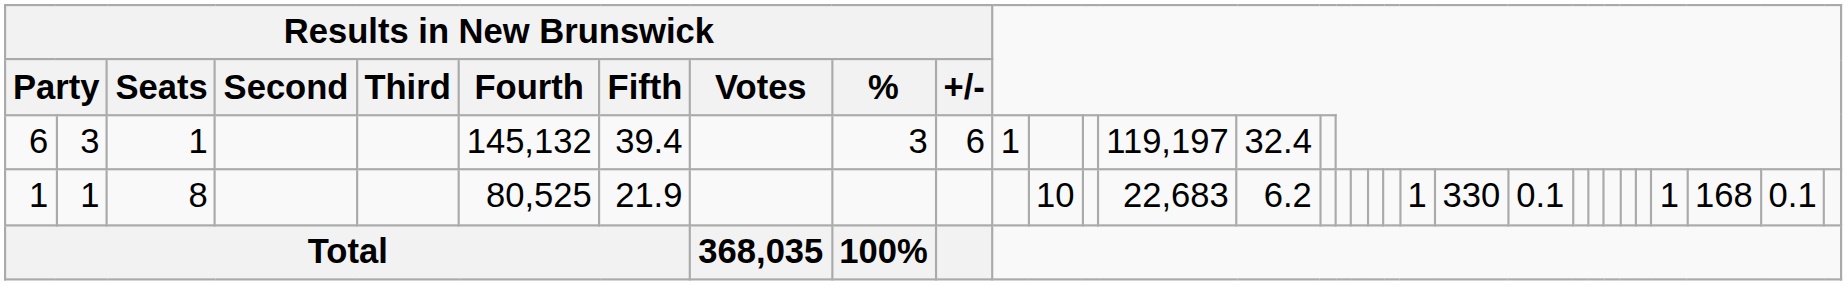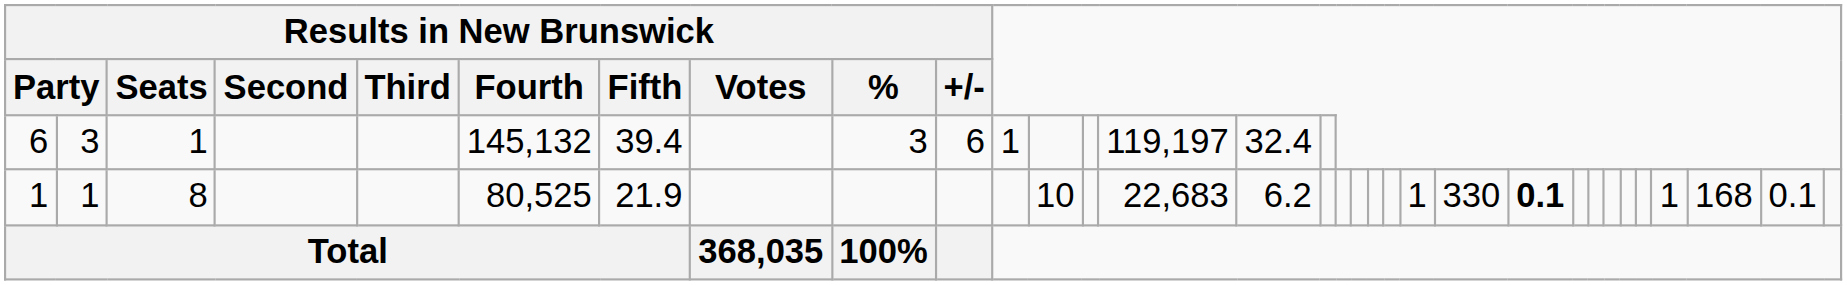 <table class="wikitable">
 <tr>
 <th align="center" colspan=10>Results in New Brunswick</th>
 </tr>
 <tr>
 <th align="centre" colspan=2>Party</th>
 <th align="right">Seats</th>
 <th align="right">Second</th>
 <th align="right">Third</th>
 <th align="right">Fourth</th>
 <th align="right">Fifth</th>
 <th align="right">Votes</th>
 <th align="right">%</th>
 <th align="right">+/-</th>
 </tr>
 <tr>
 <td align="right">6</td>
 <td align="right">3</td>
 <td align="right">1</td>
 <td align="right"></td>
 <td align="right"></td>
 <td align="right">145,132</td>
 <td align="right">39.4</td>
 <td align="right"><br></td>
 <td align="right">3</td>
 <td align="right">6</td>
 <td align="right">1</td>
 <td align="right"></td>
 <td align="right"></td>
 <td align="right">119,197</td>
 <td align="right">32.4</td>
 <td align="right"></td>
 </tr>
 <tr>
 <td align="right">1</td>
 <td align="right">1</td>
 <td align="right">8</td>
 <td align="right"></td>
 <td align="right"></td>
 <td align="right">80,525</td>
 <td align="right">21.9</td>
 <td align="right"><br></td>
 <td align="right"></td>
 <td align="right"></td>
 <td align="right"></td>
 <td align="right">10</td>
 <td align="right"></td>
 <td align="right">22,683</td>
 <td align="right">6.2</td>
 <td align="right"><br></td>
 <td align="right"></td>
 <td align="right"></td>
 <td align="right"></td>
 <td align="right"></td>
 <td align="right">1</td>
 <td align="right">330</td>
-<td align="right">0.1</td>
+<td align="right"><strong>0.1</strong></td>
 <td align="right"><br></td>
 <td align="right"></td>
 <td align="right"></td>
 <td align="right"></td>
 <td align="right"></td>
 <td align="right">1</td>
 <td align="right">168</td>
 <td align="right">0.1</td>
 <td align="right"></td>
 </tr>
 <tr bgcolor="white">
 <th align="left" colspan=7>Total</th>
 <th align="right">368,035</th>
 <th align="right">100%</th>
 <th align="right"></th>
 </tr>
 </table>
